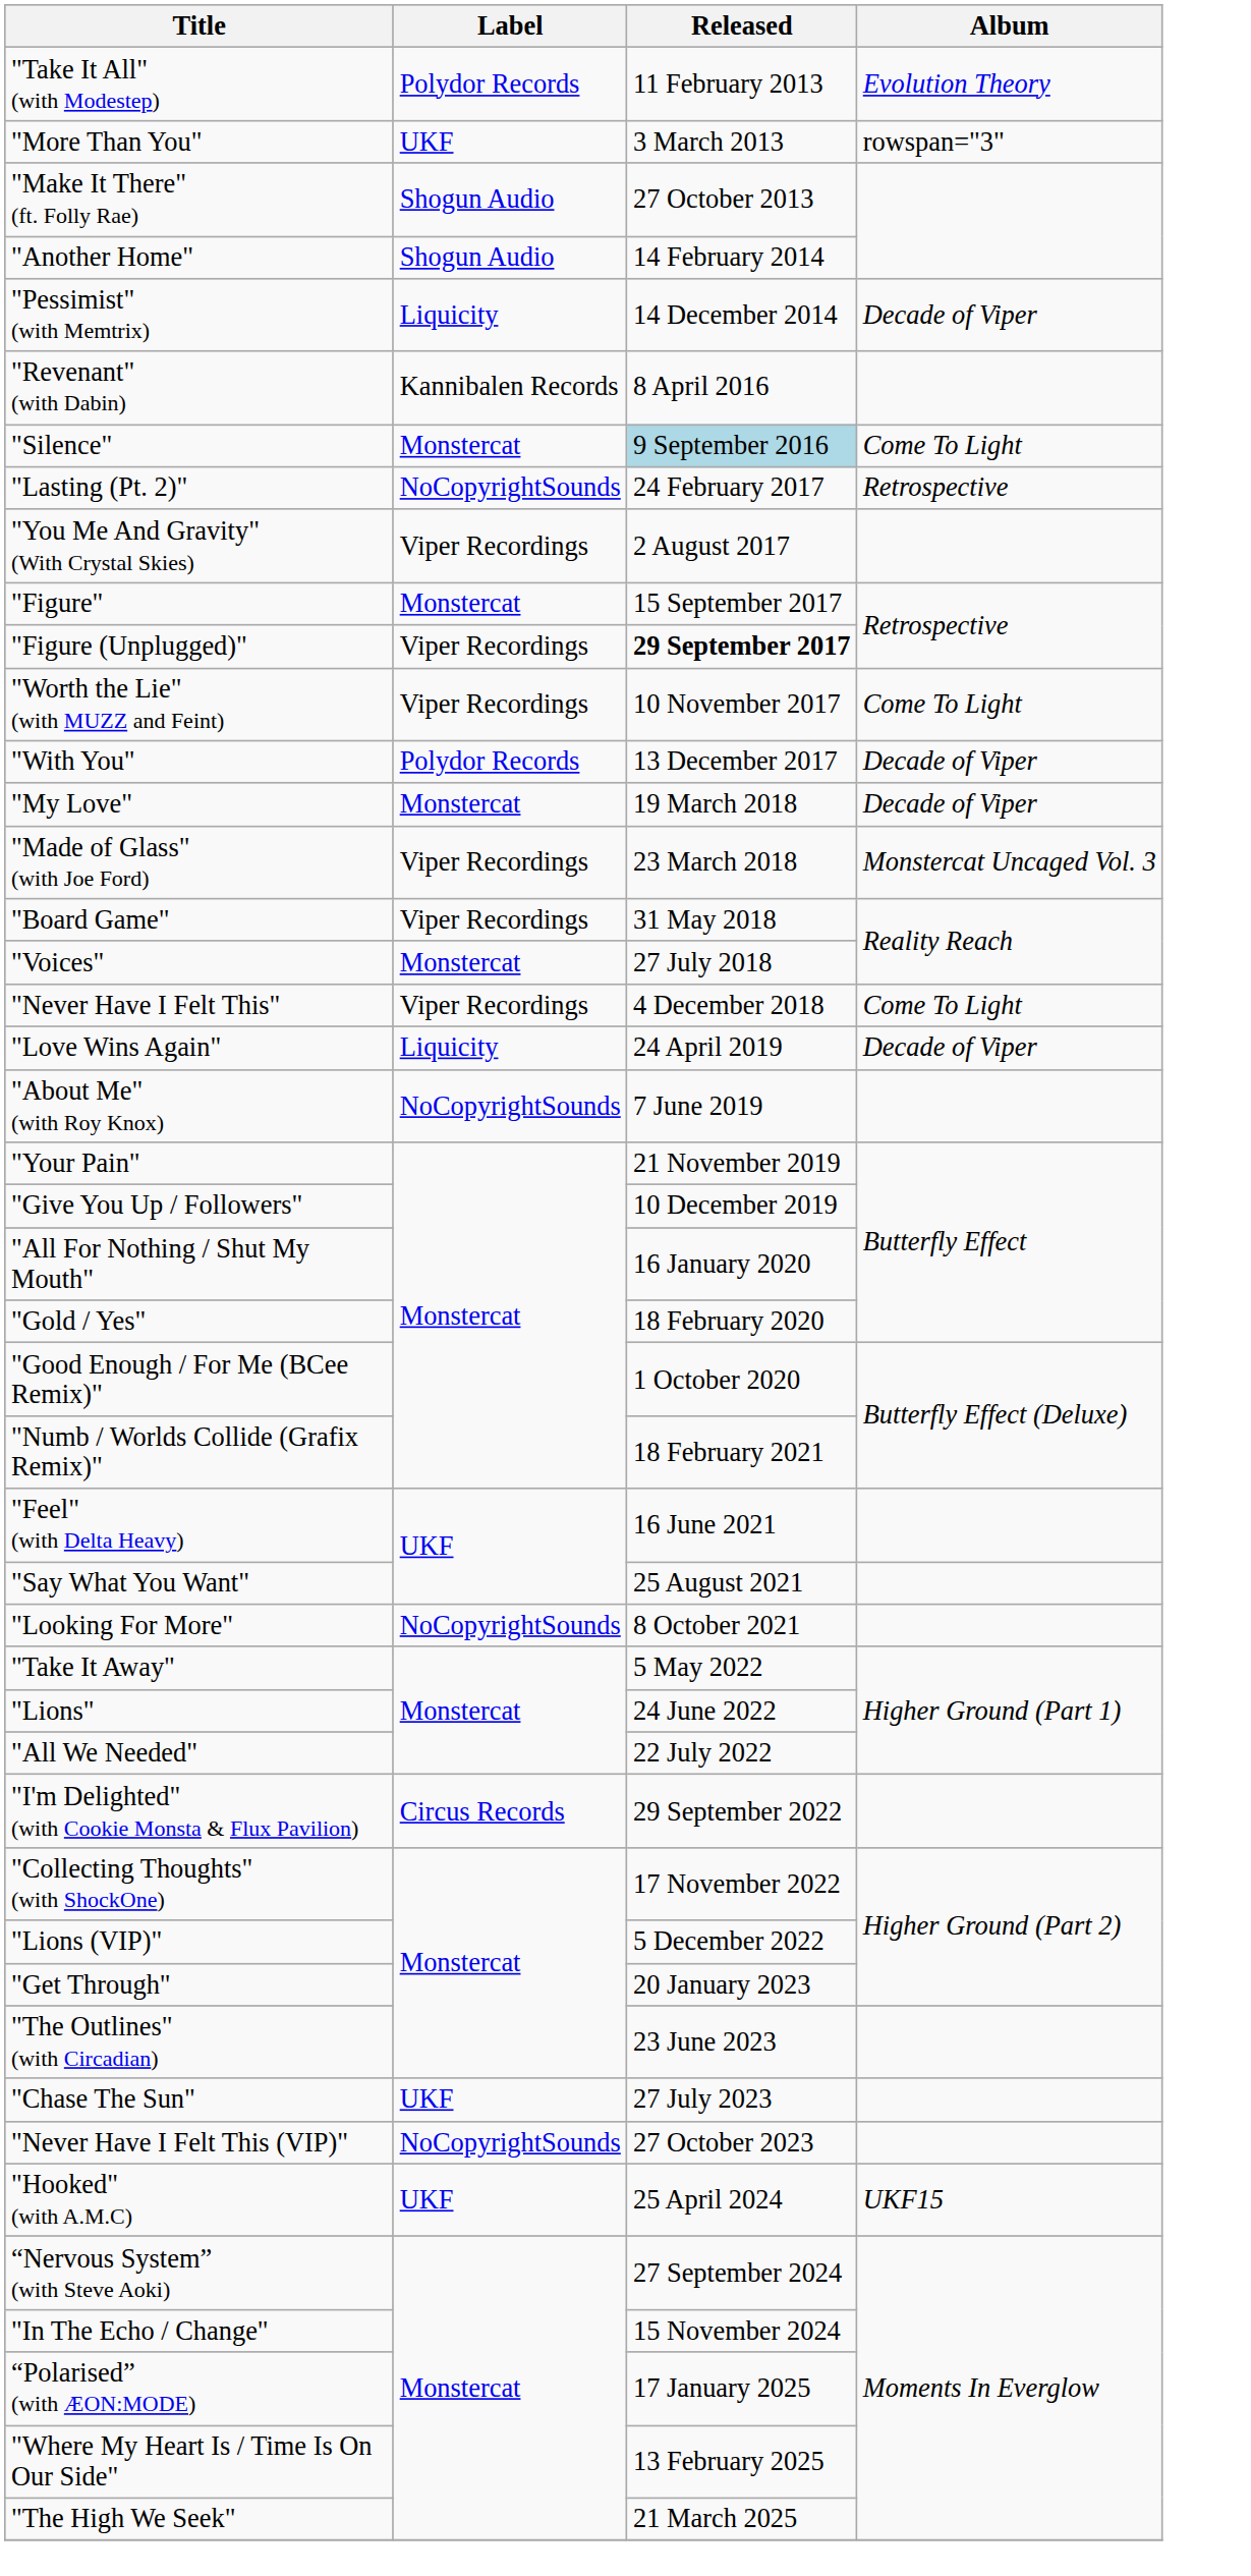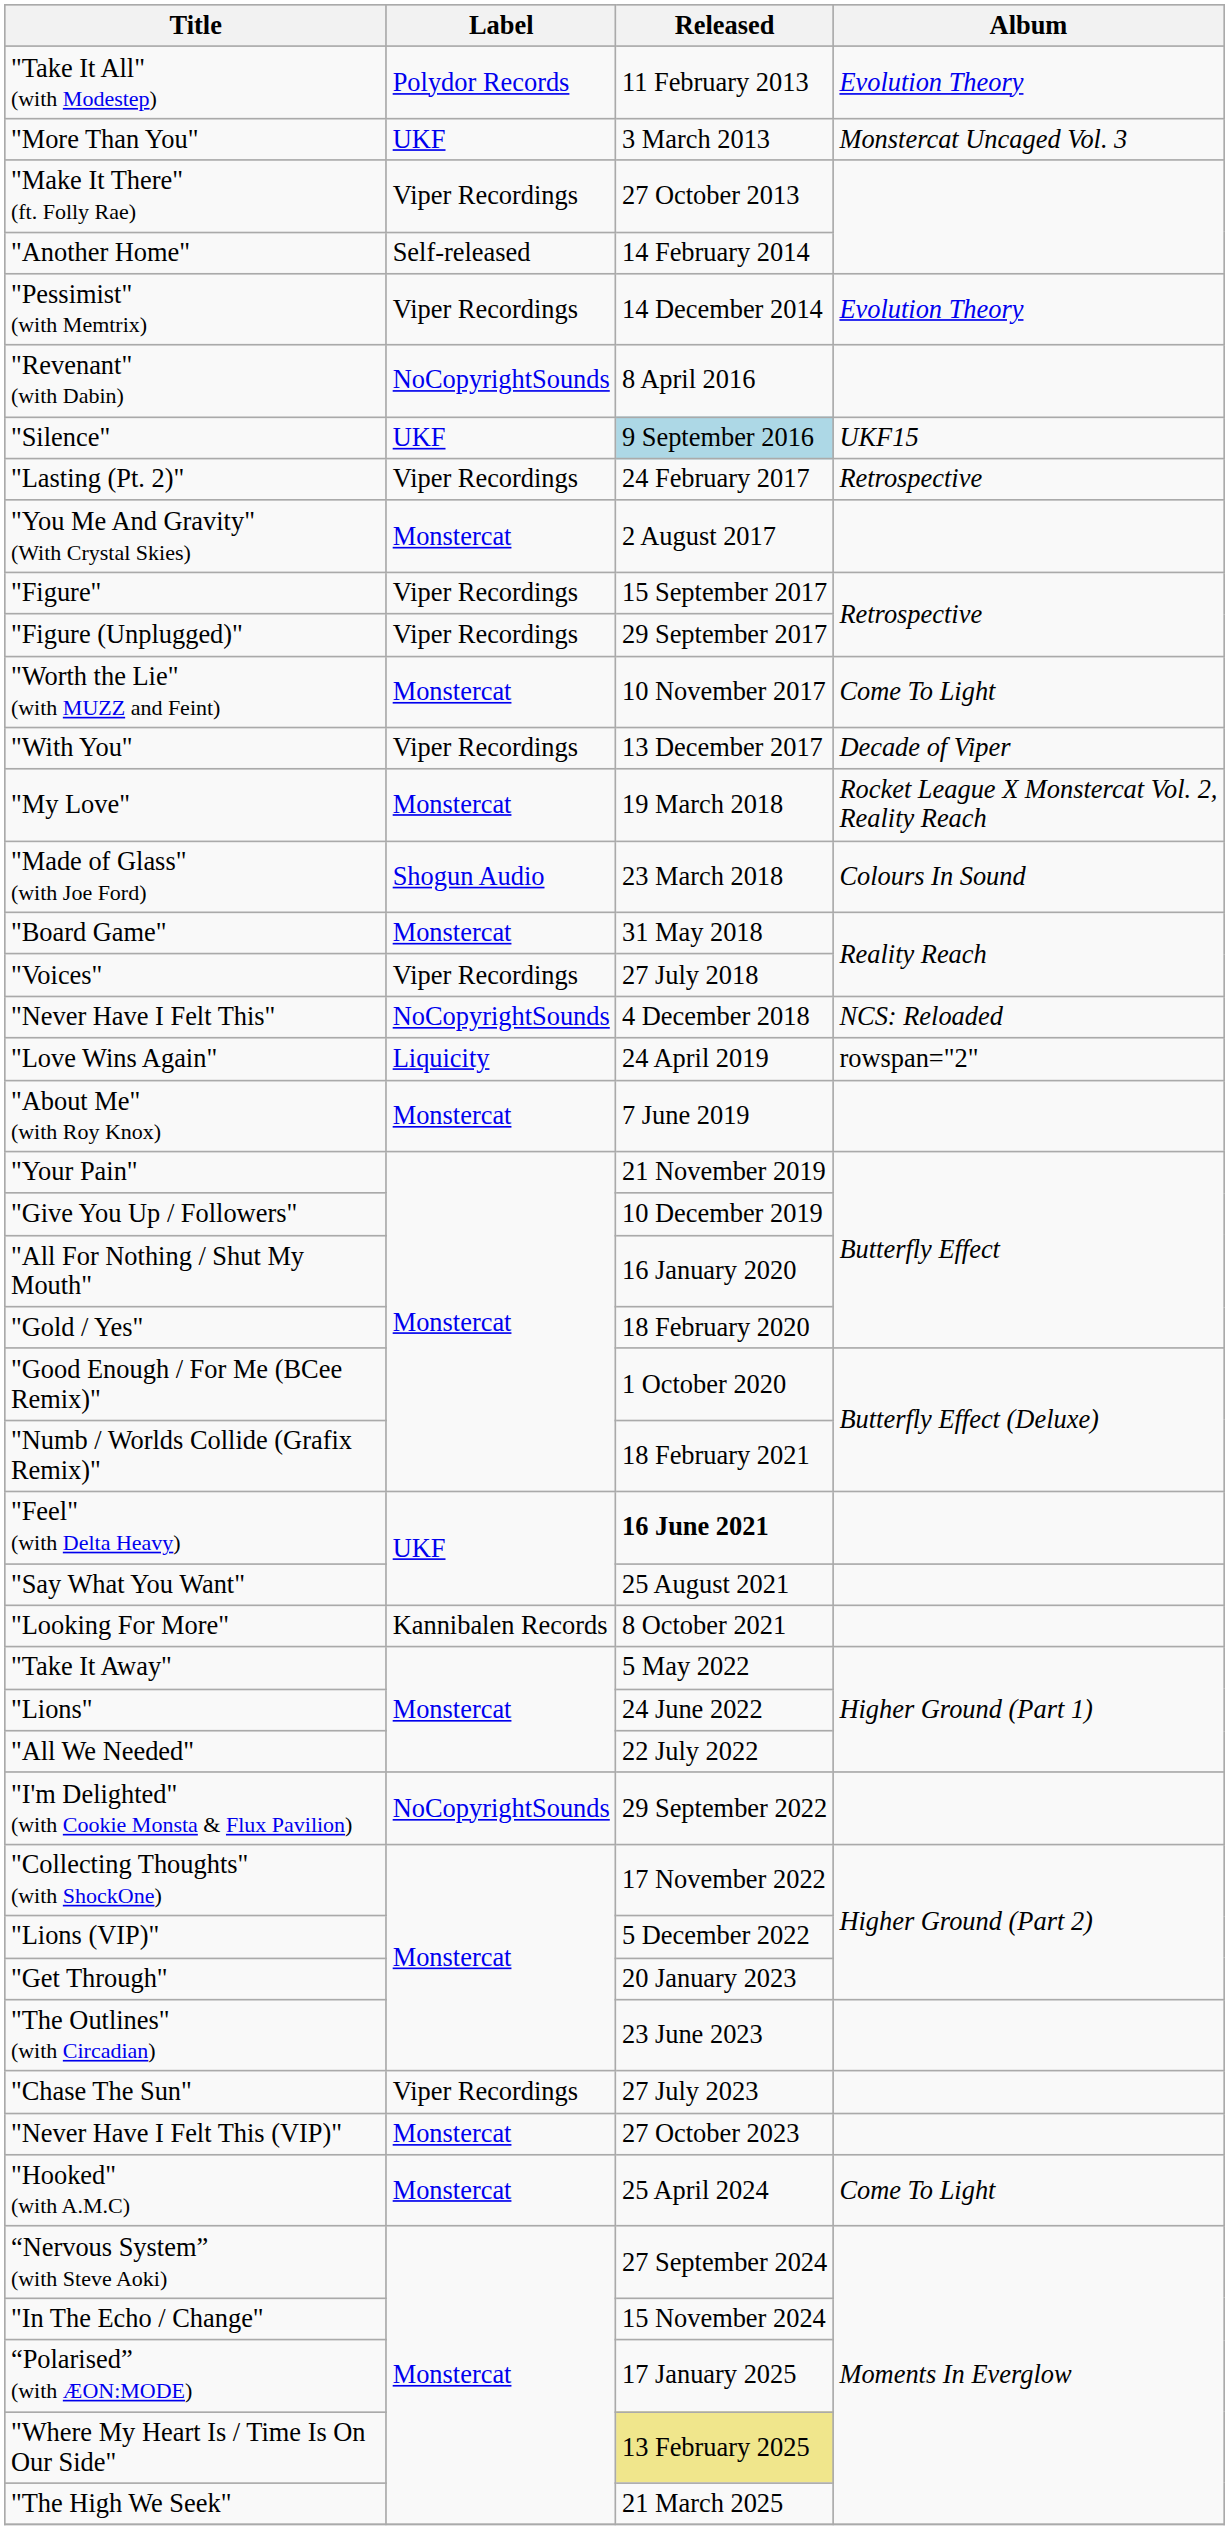 <table class="wikitable" style="text-align:centre;">
 <tr>
 <th scope="col" style="width:14em" style="height:5em">Title</th>
 <th scope="col">Label</th>
 <th scope="col">Released</th>
 <th>Album</th>
 </tr>
 <tr>
 <td>"Take It All"<br><small>(with <a href='#'>Modestep</a>)</small></td>
 <td><a href='#'>Polydor Records</a></td>
 <td>11 February 2013</td>
 <td><a href='#'><em>Evolution Theory</em></a></td>
 </tr>
 <tr>
 <td>"More Than You"</td>
 <td><a href='#'>UKF</a></td>
 <td>3 March 2013</td>
-<td>rowspan="3"</td>
+<td><em>Monstercat Uncaged Vol. 3</em></td>
 </tr>
 <tr>
 <td>"Make It There"<br><small>(ft. Folly Rae)</small></td>
-<td><a href='#'>Shogun Audio</a></td>
+<td>Viper Recordings</td>
 <td>27 October 2013</td>
 </tr>
 <tr>
 <td>"Another Home"</td>
-<td><a href='#'>Shogun Audio</a></td>
+<td>Self-released</td>
 <td>14 February 2014</td>
 </tr>
 <tr>
 <td>"Pessimist"<br><small>(with Memtrix)</small></td>
-<td><a href='#'>Liquicity</a></td>
+<td>Viper Recordings</td>
 <td>14 December 2014</td>
-<td><em>Decade of Viper</em></td>
+<td><a href='#'><em>Evolution Theory</em></a></td>
 </tr>
 <tr>
 <td>"Revenant"<br><small>(with Dabin)</small></td>
-<td>Kannibalen Records</td>
+<td><a href='#'>NoCopyrightSounds</a></td>
 <td>8 April 2016</td>
 <td></td>
 </tr>
 <tr>
 <td>"Silence"</td>
-<td><a href='#'>Monstercat</a></td>
+<td><a href='#'>UKF</a></td>
 <td style="background: lightblue;">9 September 2016</td>
-<td><em>Come To Light</em></td>
+<td><em>UKF15</em></td>
 </tr>
 <tr>
 <td>"Lasting (Pt. 2)"</td>
-<td><a href='#'>NoCopyrightSounds</a></td>
+<td>Viper Recordings</td>
 <td>24 February 2017</td>
 <td><em>Retrospective</em></td>
 </tr>
 <tr>
 <td>"You Me And Gravity"<br><small>(With Crystal Skies)</small></td>
-<td>Viper Recordings</td>
+<td><a href='#'>Monstercat</a></td>
 <td>2 August 2017</td>
 <td></td>
 </tr>
 <tr>
 <td>"Figure"</td>
-<td><a href='#'>Monstercat</a></td>
+<td>Viper Recordings</td>
 <td>15 September 2017</td>
 <td rowspan="2"><em>Retrospective</em></td>
 </tr>
 <tr>
 <td>"Figure (Unplugged)"</td>
 <td>Viper Recordings</td>
-<td><strong>29 September 2017</strong></td>
+<td>29 September 2017</td>
 </tr>
 <tr>
 <td>"Worth the Lie"<br><small>(with <a href='#'>MUZZ</a> and Feint)</small></td>
-<td>Viper Recordings</td>
+<td><a href='#'>Monstercat</a></td>
 <td>10 November 2017</td>
 <td><em>Come To Light</em></td>
 </tr>
 <tr>
 <td>"With You"</td>
-<td><a href='#'>Polydor Records</a></td>
+<td>Viper Recordings</td>
 <td>13 December 2017</td>
 <td><em>Decade of Viper</em></td>
 </tr>
 <tr>
 <td>"My Love"</td>
 <td><a href='#'>Monstercat</a></td>
 <td>19 March 2018</td>
-<td><em>Decade of Viper</em></td>
+<td><em>Rocket League X Monstercat Vol. 2,</em><br><em>Reality Reach</em></td>
 </tr>
 <tr>
 <td>"Made of Glass"<br><small>(with Joe Ford)</small></td>
-<td>Viper Recordings</td>
+<td><a href='#'>Shogun Audio</a></td>
 <td>23 March 2018</td>
-<td><em>Monstercat Uncaged Vol. 3</em></td>
+<td><em>Colours In Sound</em></td>
 </tr>
 <tr>
 <td>"Board Game"</td>
-<td>Viper Recordings</td>
+<td><a href='#'>Monstercat</a></td>
 <td>31 May 2018</td>
 <td rowspan="2"><em>Reality Reach</em></td>
 </tr>
 <tr>
 <td>"Voices"</td>
-<td><a href='#'>Monstercat</a></td>
+<td>Viper Recordings</td>
 <td>27 July 2018</td>
 </tr>
 <tr>
 <td>"Never Have I Felt This"</td>
-<td>Viper Recordings</td>
+<td><a href='#'>NoCopyrightSounds</a></td>
 <td>4 December 2018</td>
-<td><em>Come To Light</em></td>
+<td><em>NCS: Reloaded</em></td>
 </tr>
 <tr>
 <td>"Love Wins Again"</td>
 <td><a href='#'>Liquicity</a></td>
 <td>24 April 2019</td>
-<td><em>Decade of Viper</em></td>
+<td>rowspan="2" </td>
 </tr>
 <tr>
 <td>"About Me"<br><small>(with Roy Knox)</small></td>
-<td><a href='#'>NoCopyrightSounds</a></td>
+<td><a href='#'>Monstercat</a></td>
 <td>7 June 2019</td>
 </tr>
 <tr>
 <td>"Your Pain"</td>
 <td rowspan="6"><a href='#'>Monstercat</a></td>
 <td>21 November 2019</td>
 <td rowspan="4"><em>Butterfly Effect</em></td>
 </tr>
 <tr>
 <td>"Give You Up / Followers"</td>
 <td>10 December 2019</td>
 </tr>
 <tr>
 <td>"All For Nothing / Shut My Mouth"</td>
 <td>16 January 2020</td>
 </tr>
 <tr>
 <td>"Gold / Yes"</td>
 <td>18 February 2020</td>
 </tr>
 <tr>
 <td>"Good Enough / For Me (BCee Remix)"</td>
 <td>1 October 2020</td>
 <td rowspan="2"><em>Butterfly Effect (Deluxe)</em></td>
 </tr>
 <tr>
 <td>"Numb / Worlds Collide (Grafix Remix)"</td>
 <td>18 February 2021</td>
 </tr>
 <tr>
 <td>"Feel"<br><small>(with <a href='#'>Delta Heavy</a>)</small></td>
 <td rowspan="2"><a href='#'>UKF</a></td>
-<td>16 June 2021</td>
+<td><strong>16 June 2021</strong></td>
 <td></td>
 </tr>
 <tr>
 <td>"Say What You Want"</td>
 <td>25 August 2021</td>
 <td></td>
 </tr>
 <tr>
 <td>"Looking For More"</td>
-<td><a href='#'>NoCopyrightSounds</a></td>
+<td>Kannibalen Records</td>
 <td>8 October 2021</td>
 <td></td>
 </tr>
 <tr>
 <td>"Take It Away"</td>
 <td rowspan="3"><a href='#'>Monstercat</a></td>
 <td>5 May 2022</td>
 <td rowspan="3"><em>Higher Ground (Part 1)</em></td>
 </tr>
 <tr>
 <td>"Lions"</td>
 <td>24 June 2022</td>
 </tr>
 <tr>
 <td>"All We Needed"</td>
 <td>22 July 2022</td>
 </tr>
 <tr>
 <td>"I'm Delighted"<br><small>(with <a href='#'>Cookie Monsta</a> & <a href='#'>Flux Pavilion</a>)</small></td>
-<td><a href='#'>Circus Records</a></td>
+<td><a href='#'>NoCopyrightSounds</a></td>
 <td>29 September 2022</td>
 <td></td>
 </tr>
 <tr>
 <td>"Collecting Thoughts"<br><small>(with <a href='#'>ShockOne</a>)</small></td>
 <td rowspan="4"><a href='#'>Monstercat</a></td>
 <td>17 November 2022</td>
 <td rowspan="3"><em>Higher Ground (Part 2)</em></td>
 </tr>
 <tr>
 <td>"Lions (VIP)"</td>
 <td>5 December 2022</td>
 </tr>
 <tr>
 <td>"Get Through"</td>
 <td>20 January 2023</td>
 </tr>
 <tr>
 <td>"The Outlines"<br><small>(with <a href='#'>Circadian</a>)</small></td>
 <td>23 June 2023</td>
 <td></td>
 </tr>
 <tr>
 <td>"Chase The Sun"</td>
-<td><a href='#'>UKF</a></td>
+<td>Viper Recordings</td>
 <td>27 July 2023</td>
 <td></td>
 </tr>
 <tr>
 <td>"Never Have I Felt This (VIP)"</td>
-<td><a href='#'>NoCopyrightSounds</a></td>
+<td><a href='#'>Monstercat</a></td>
 <td>27 October 2023</td>
 <td></td>
 </tr>
 <tr>
 <td>"Hooked"<br><small>(with A.M.C)</small></td>
-<td><a href='#'>UKF</a></td>
+<td><a href='#'>Monstercat</a></td>
 <td>25 April 2024</td>
-<td><em>UKF15</em></td>
+<td><em>Come To Light</em></td>
 </tr>
 <tr>
 <td>“Nervous System”<br><small>(with Steve Aoki)</small></td>
 <td rowspan="5"><a href='#'>Monstercat</a></td>
 <td>27 September 2024</td>
 <td rowspan="5"><em>Moments In Everglow</em></td>
 </tr>
 <tr>
 <td>"In The Echo / Change"</td>
 <td>15 November 2024</td>
 </tr>
 <tr>
 <td>“Polarised”<br><small>(with <a href='#'>ÆON:MODE</a>)</small></td>
 <td>17 January 2025</td>
 </tr>
 <tr>
 <td>"Where My Heart Is / Time Is On Our Side"</td>
-<td>13 February 2025</td>
+<td style="background: khaki;">13 February 2025</td>
 </tr>
 <tr>
 <td>"The High We Seek"</td>
 <td>21 March 2025</td>
 </tr>
 <tr>
 </tr>
 </table>
